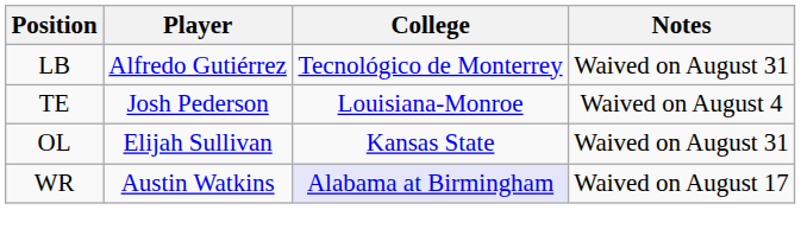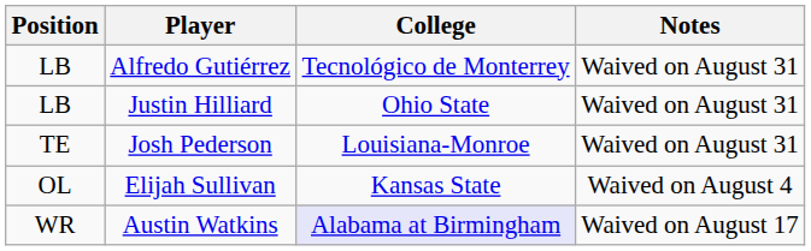 <table class="wikitable" style="text-align:center">
 <tr>
 <th>Position</th>
 <th>Player</th>
 <th>College</th>
 <th>Notes</th>
 </tr>
 <tr>
 <td>LB</td>
 <td><a href='#'>Alfredo Gutiérrez</a></td>
 <td><a href='#'>Tecnológico de Monterrey</a></td>
 <td>Waived on August 31</td>
 </tr>
 <tr>
+<td>LB</td>
+<td><a href='#'>Justin Hilliard</a></td>
+<td><a href='#'>Ohio State</a></td>
+<td>Waived on August 31</td>
+</tr>
+<tr>
 <td>TE</td>
 <td><a href='#'>Josh Pederson</a></td>
 <td><a href='#'>Louisiana-Monroe</a></td>
-<td>Waived on August 4</td>
+<td>Waived on August 31</td>
 </tr>
 <tr>
 <td>OL</td>
 <td><a href='#'>Elijah Sullivan</a></td>
 <td><a href='#'>Kansas State</a></td>
-<td>Waived on August 31</td>
+<td>Waived on August 4</td>
 </tr>
 <tr>
 <td>WR</td>
 <td><a href='#'>Austin Watkins</a></td>
 <td style="background: lavender;"><a href='#'>Alabama at Birmingham</a></td>
 <td>Waived on August 17</td>
 </tr>
 </table>
